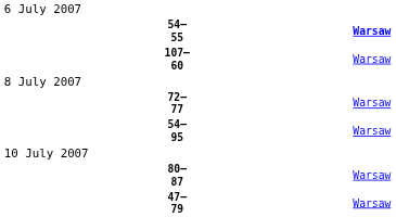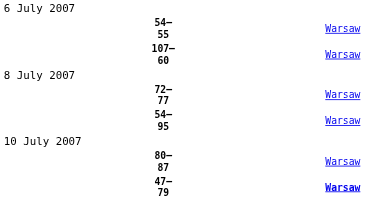 <table style="width:100%;" cellspacing="1">
 <tr>
 <th width=25%></th>
 <th width=3%></th>
 <th width=6%></th>
 <th width=3%></th>
 <th width=25%></th>
 </tr>
 <tr>
 <td>6 July 2007</td>
 </tr>
 <tr style=font-size:90%>
 <td align=right><strong></strong></td>
 <td></td>
 <td align=center><strong>54–55</strong></td>
 <td></td>
 <td><strong></strong></td>
-<td><strong><a href='#'>Warsaw</a></strong></td>
+<td><a href='#'>Warsaw</a></td>
 </tr>
 <tr style=font-size:90%>
 <td align=right><strong></strong></td>
 <td></td>
 <td align=center><strong>107–60</strong></td>
 <td></td>
 <td><strong></strong></td>
 <td><a href='#'>Warsaw</a></td>
 </tr>
 <tr>
 <td>8 July 2007</td>
 </tr>
 <tr style=font-size:90%>
 <td align=right><strong></strong></td>
 <td></td>
 <td align=center><strong>72–77</strong></td>
 <td></td>
 <td><strong></strong></td>
 <td><a href='#'>Warsaw</a></td>
 </tr>
 <tr style=font-size:90%>
 <td align=right><strong></strong></td>
 <td></td>
 <td align=center><strong>54–95</strong></td>
 <td></td>
 <td><strong></strong></td>
 <td><a href='#'>Warsaw</a></td>
 </tr>
 <tr>
 <td>10 July 2007</td>
 </tr>
 <tr style=font-size:90%>
 <td align=right><strong></strong></td>
 <td></td>
 <td align=center><strong>80–87</strong></td>
 <td></td>
 <td><strong></strong></td>
 <td><a href='#'>Warsaw</a></td>
 </tr>
 <tr style=font-size:90%>
 <td align=right><strong></strong></td>
 <td></td>
 <td align=center><strong>47–79</strong></td>
 <td></td>
 <td><strong></strong></td>
-<td><a href='#'>Warsaw</a></td>
+<td><strong><a href='#'>Warsaw</a></strong></td>
 </tr>
 </table>
